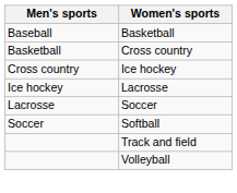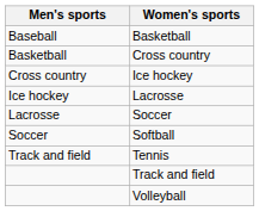 <table class="wikitable"; style="float:right; clear:right; margin-left:15px">
 <tr>
 <th width=150px>Men's sports</th>
 <th width=150px>Women's sports</th>
 </tr>
 <tr>
 <td>Baseball</td>
 <td>Basketball</td>
 </tr>
 <tr>
 <td>Basketball</td>
 <td>Cross country</td>
 </tr>
 <tr>
 <td>Cross country</td>
 <td>Ice hockey</td>
 </tr>
 <tr>
 <td>Ice hockey</td>
 <td>Lacrosse</td>
 </tr>
 <tr>
 <td>Lacrosse</td>
 <td>Soccer</td>
 </tr>
 <tr>
 <td>Soccer</td>
 <td>Softball</td>
 </tr>
 <tr>
+<td>Track and field</td>
+<td>Tennis</td>
+</tr>
+<tr>
 <td></td>
 <td>Track and field</td>
 </tr>
 <tr>
 <td></td>
 <td>Volleyball</td>
 </tr>
 </table>
